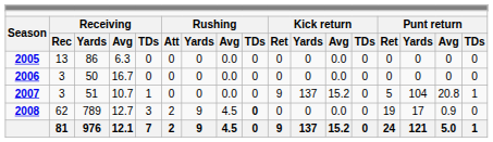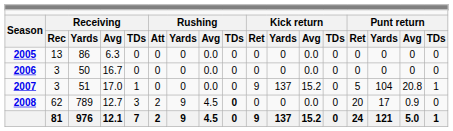 <table class=wikitable style="text-align:center;">
 <tr>
 <td ! colspan="21" style="background:gray; border:2px solid silver; color:white;"></td>
 </tr>
 <tr>
 <td ! colspan="21"></td>
 </tr>
 <tr>
 <th rowspan=2>Season</th>
 <th colspan=4>Receiving</th>
 <th colspan=4>Rushing</th>
 <th colspan=4>Kick return</th>
 <th colspan=4>Punt return</th>
 </tr>
 <tr>
 <th>Rec</th>
 <th>Yards</th>
 <th>Avg</th>
 <th>TDs</th>
 <th>Att</th>
 <th>Yards</th>
 <th>Avg</th>
 <th>TDs</th>
 <th>Ret</th>
 <th>Yards</th>
 <th>Avg</th>
 <th>TDs</th>
 <th>Ret</th>
 <th>Yards</th>
 <th>Avg</th>
 <th>TDs</th>
 </tr>
 <tr>
 <td><strong><a href='#'>2005</a></strong></td>
 <td>13</td>
 <td>86</td>
 <td>6.3</td>
 <td>0</td>
 <td>0</td>
 <td>0</td>
 <td>0.0</td>
 <td>0</td>
 <td>0</td>
 <td>0</td>
 <td>0.0</td>
 <td>0</td>
 <td>0</td>
 <td>0</td>
 <td>0</td>
 <td>0</td>
 </tr>
 <tr>
 <td><strong><a href='#'>2006</a></strong></td>
 <td>3</td>
 <td>50</td>
 <td>16.7</td>
 <td>0</td>
 <td>0</td>
 <td>0</td>
 <td>0.0</td>
 <td>0</td>
 <td>0</td>
 <td>0</td>
 <td>0.0</td>
 <td>0</td>
 <td>0</td>
 <td>0</td>
 <td>0</td>
 <td>0</td>
 </tr>
 <tr>
 <td><strong><a href='#'>2007</a></strong></td>
 <td>3</td>
 <td>51</td>
-<td>10.7</td>
+<td>17.0</td>
 <td>1</td>
 <td>0</td>
 <td>0</td>
 <td>0.0</td>
 <td>0</td>
 <td>9</td>
 <td>137</td>
 <td>15.2</td>
 <td>0</td>
 <td>5</td>
 <td>104</td>
 <td>20.8</td>
 <td>1</td>
 </tr>
 <tr>
 <td><strong><a href='#'>2008</a></strong></td>
 <td>62</td>
 <td>789</td>
 <td>12.7</td>
 <td>3</td>
 <td>2</td>
 <td>9</td>
 <td>4.5</td>
 <td><strong>0</strong></td>
 <td>0</td>
 <td>0</td>
 <td>0.0</td>
 <td>0</td>
-<td>19</td>
+<td>20</td>
 <td>17</td>
 <td>0.9</td>
 <td>0</td>
 </tr>
 <tr>
 <th colspan=1></th>
 <th>81</th>
 <th>976</th>
 <th>12.1</th>
 <th>7</th>
 <th>2</th>
 <th>9</th>
 <th>4.5</th>
 <th>0</th>
 <th>9</th>
 <th>137</th>
 <th>15.2</th>
 <th>0</th>
 <th>24</th>
 <th>121</th>
 <th>5.0</th>
 <th>1</th>
 </tr>
 </table>
